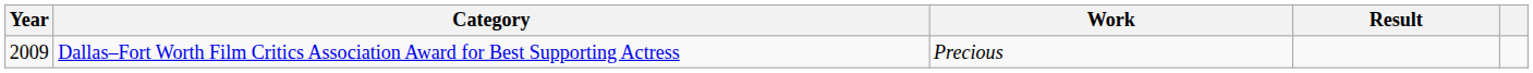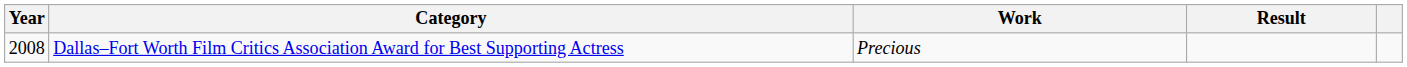 <table class="wikitable">
 <tr>
 <th scope="col" style="width:1em;">Year</th>
 <th scope="col" style="width:44em;">Category</th>
 <th scope="col" style="width:18em;">Work</th>
 <th scope="col" style="width:10em;">Result</th>
 <th class="unsortable" style="width:1em;"></th>
 </tr>
 <tr>
-<td>2009</td>
+<td>2008</td>
 <td><a href='#'>Dallas–Fort Worth Film Critics Association Award for Best Supporting Actress</a></td>
 <td><em>Precious</em></td>
 <td></td>
 <td></td>
 </tr>
 </table>
